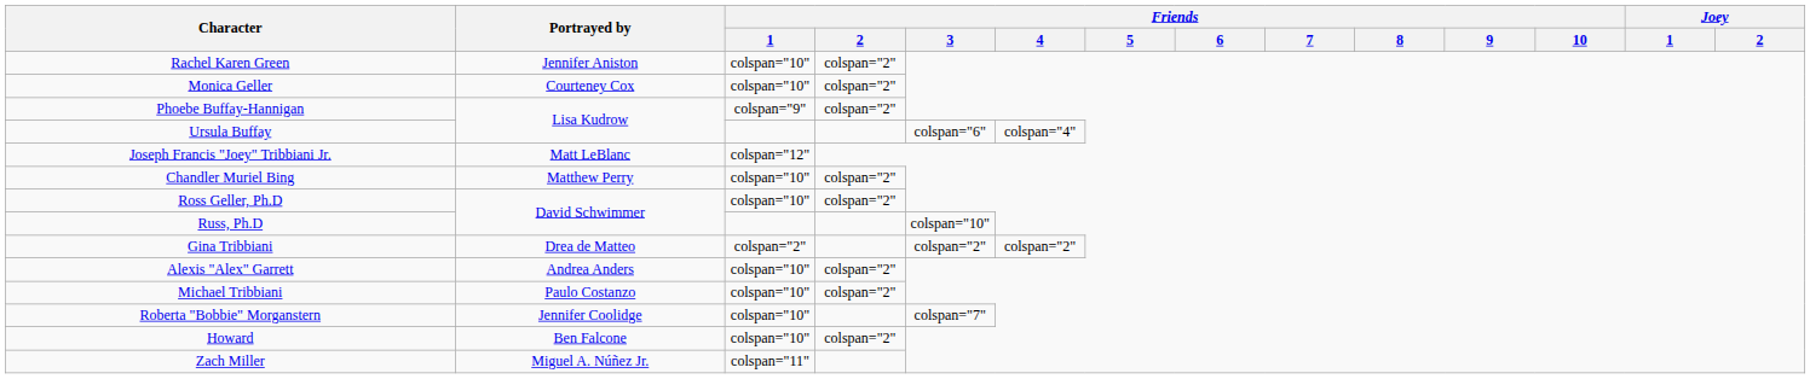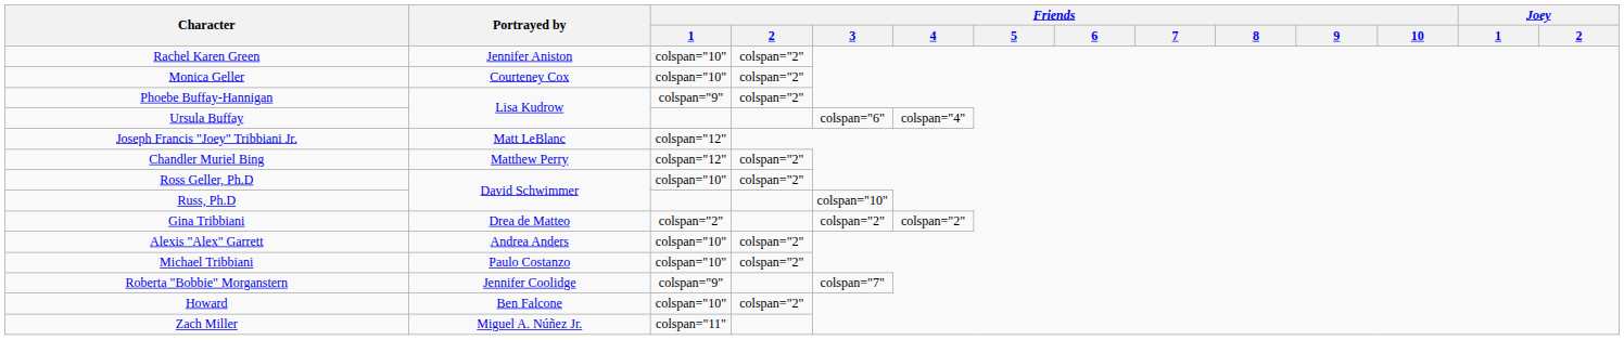 <table class="wikitable plainrowheaders" style="text-align:center; width:100%;">
 <tr>
 <th scope="col" rowspan="2" style="width:25%;">Character</th>
 <th scope="col" rowspan="2" style="width:15%;">Portrayed by</th>
 <th scope="col" colspan="10" style="width:60%;"><em><a href='#'>Friends</a></em></th>
 <th scope="col" colspan="2" style="width:60%;"><em><a href='#'>Joey</a></em></th>
 </tr>
 <tr>
 <th scope="col" style="width:5%;"><a href='#'>1</a></th>
 <th scope="col" style="width:5%;"><a href='#'>2</a></th>
 <th scope="col" style="width:5%;"><a href='#'>3</a></th>
 <th scope="col" style="width:5%;"><a href='#'>4</a></th>
 <th scope="col" style="width:5%;"><a href='#'>5</a></th>
 <th scope="col" style="width:5%;"><a href='#'>6</a></th>
 <th scope="col" style="width:5%;"><a href='#'>7</a></th>
 <th scope="col" style="width:5%;"><a href='#'>8</a></th>
 <th scope="col" style="width:5%;"><a href='#'>9</a></th>
 <th scope="col" style="width:5%;"><a href='#'>10</a></th>
 <th scope="col" style="width:5%;"><a href='#'>1</a></th>
 <th scope="col" style="width:5%;"><a href='#'>2</a></th>
 </tr>
 <tr>
 <td scope="row"><a href='#'>Rachel Karen Green</a></td>
 <td><a href='#'>Jennifer Aniston</a></td>
 <td>colspan="10" </td>
 <td>colspan="2" </td>
 </tr>
 <tr>
 <td scope="row"><a href='#'>Monica Geller</a></td>
 <td><a href='#'>Courteney Cox</a></td>
 <td>colspan="10" </td>
 <td>colspan="2" </td>
 </tr>
 <tr>
 <td scope="row"><a href='#'>Phoebe Buffay-Hannigan</a></td>
 <td rowspan="2"><a href='#'>Lisa Kudrow</a></td>
 <td>colspan="9" </td>
 <td>colspan="2" </td>
 </tr>
 <tr>
 <td scope="row"><a href='#'>Ursula Buffay</a></td>
 <td></td>
 <td></td>
 <td>colspan="6" </td>
 <td>colspan="4" </td>
 </tr>
 <tr>
 <td scope="row"><a href='#'>Joseph Francis "Joey" Tribbiani Jr.</a></td>
 <td><a href='#'>Matt LeBlanc</a></td>
 <td>colspan="12" </td>
 </tr>
 <tr>
 <td scope="row"><a href='#'>Chandler Muriel Bing</a></td>
 <td><a href='#'>Matthew Perry</a></td>
-<td>colspan="10" </td>
+<td>colspan="12" </td>
 <td>colspan="2" </td>
 </tr>
 <tr>
 <td scope="row"><a href='#'>Ross Geller, Ph.D</a></td>
 <td rowspan="2"><a href='#'>David Schwimmer</a></td>
 <td>colspan="10" </td>
 <td>colspan="2" </td>
 </tr>
 <tr>
 <td scope="row"><a href='#'>Russ, Ph.D</a></td>
 <td></td>
 <td></td>
 <td>colspan="10" </td>
 </tr>
 <tr>
 <td scope="row"><a href='#'>Gina Tribbiani</a></td>
 <td><a href='#'>Drea de Matteo</a></td>
 <td>colspan="2" </td>
 <td></td>
 <td>colspan="2" </td>
 <td>colspan="2" </td>
 </tr>
 <tr>
 <td scope="row"><a href='#'>Alexis "Alex" Garrett</a></td>
 <td><a href='#'>Andrea Anders</a></td>
 <td>colspan="10" </td>
 <td>colspan="2" </td>
 </tr>
 <tr>
 <td scope="row"><a href='#'>Michael Tribbiani</a></td>
 <td><a href='#'>Paulo Costanzo</a></td>
 <td>colspan="10" </td>
 <td>colspan="2" </td>
 </tr>
 <tr>
 <td scope="row"><a href='#'>Roberta "Bobbie" Morganstern</a></td>
 <td><a href='#'>Jennifer Coolidge</a></td>
-<td>colspan="10" </td>
+<td>colspan="9" </td>
 <td></td>
 <td>colspan="7" </td>
 </tr>
 <tr>
 <td scope="row"><a href='#'>Howard</a></td>
 <td><a href='#'>Ben Falcone</a></td>
 <td>colspan="10" </td>
 <td>colspan="2" </td>
 </tr>
 <tr>
 <td scope="row"><a href='#'>Zach Miller</a></td>
 <td><a href='#'>Miguel A. Núñez Jr.</a></td>
 <td>colspan="11" </td>
 <td></td>
 </tr>
 </table>
